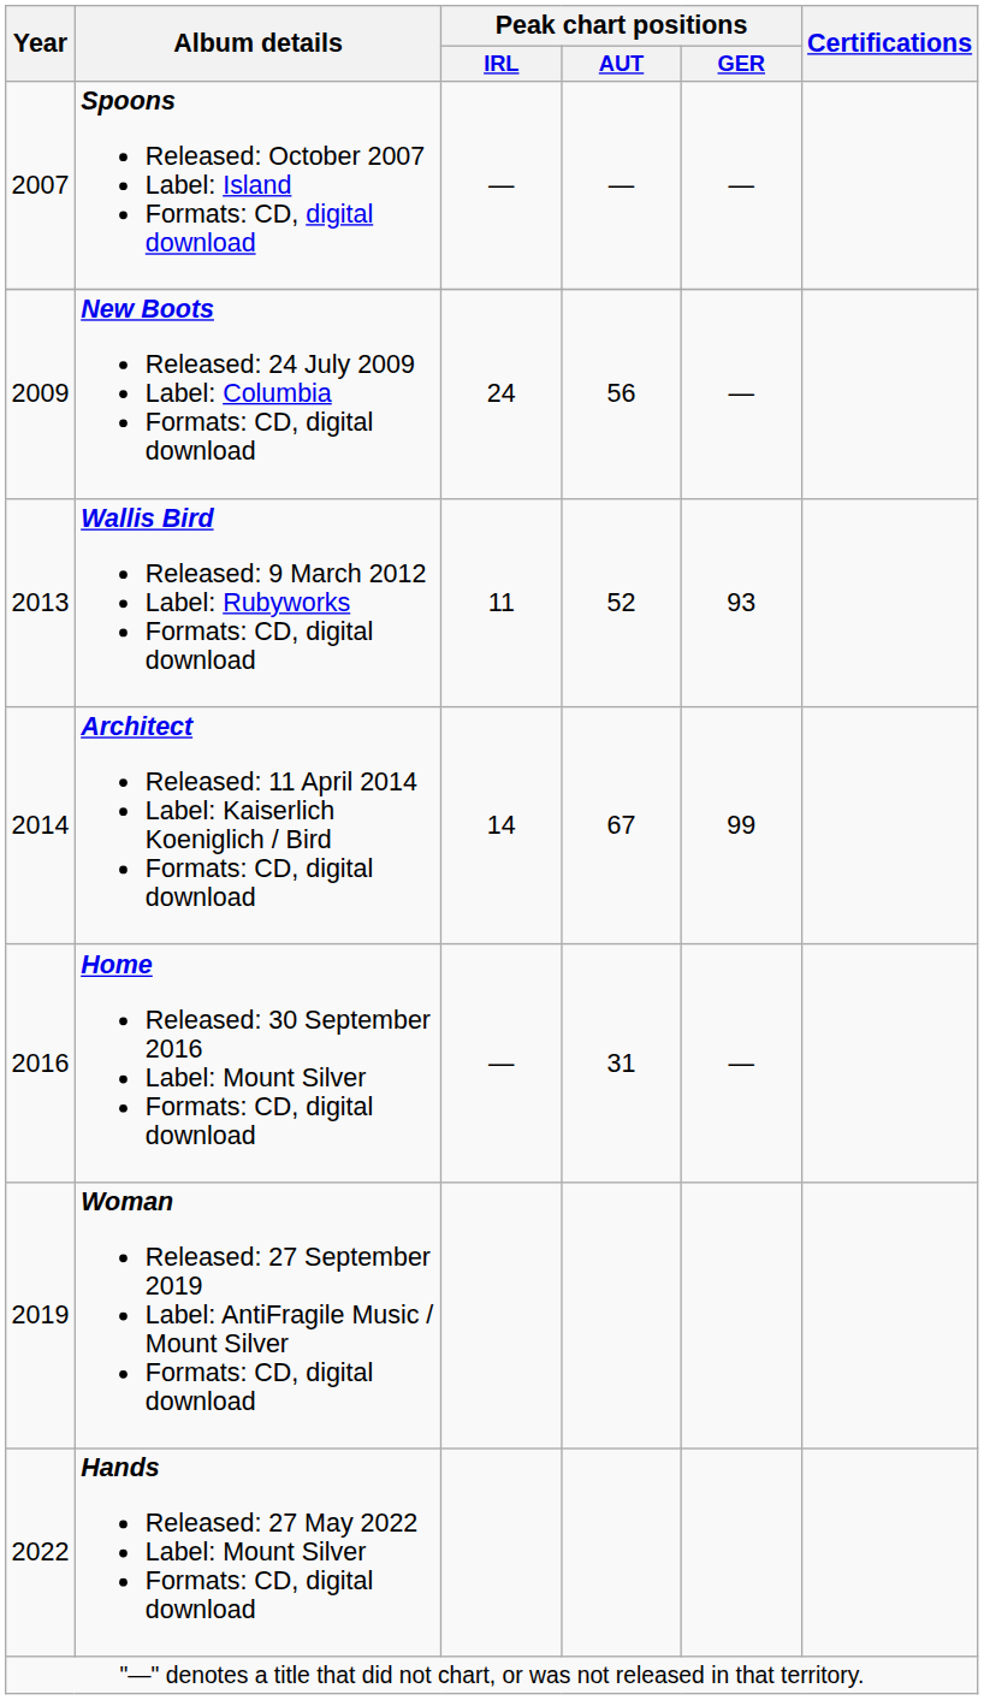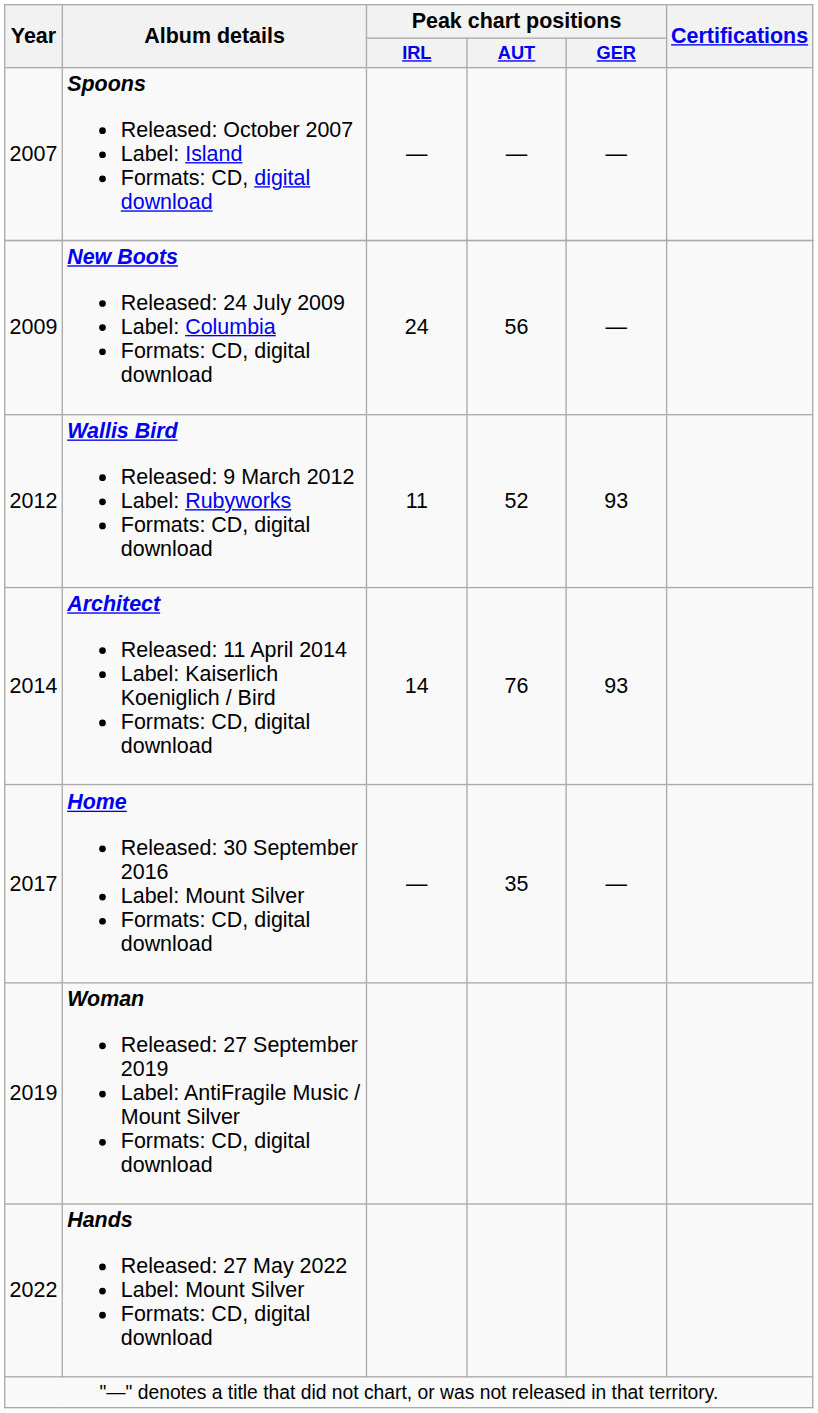 <table class="wikitable" style="text-align:center;">
 <tr>
 <th rowspan="2">Year</th>
 <th style="width:220px;" rowspan="2">Album details</th>
 <th colspan="3">Peak chart positions</th>
 <th rowspan="2"><a href='#'>Certifications</a></th>
 </tr>
 <tr>
 <th style="width:5em;font-size:85%"><a href='#'>IRL</a><br></th>
 <th style="width:5em;font-size:85%"><a href='#'>AUT</a><br></th>
 <th style="width:5em;font-size:85%"><a href='#'>GER</a><br></th>
 </tr>
 <tr>
 <td>2007</td>
 <td style="text-align:left;"><strong><em>Spoons</em></strong><br><ul><li>Released: October 2007</li><li>Label: <a href='#'>Island</a></li><li>Formats: CD, <a href='#'>digital download</a></li></ul></td>
 <td>—</td>
 <td>—</td>
 <td>—</td>
 <td style="text-align:left;"></td>
 </tr>
 <tr>
 </tr>
 <tr>
 <td>2009</td>
 <td style="text-align:left;"><strong><em><a href='#'>New Boots</a></em></strong><br><ul><li>Released: 24 July 2009</li><li>Label: <a href='#'>Columbia</a> </li><li>Formats: CD, digital download</li></ul></td>
 <td>24</td>
 <td>56</td>
 <td>—</td>
 <td style="text-align:left;"></td>
 </tr>
 <tr>
-<td>2013</td>
+<td>2012</td>
 <td style="text-align:left;"><strong><em><a href='#'>Wallis Bird</a></em></strong><br><ul><li>Released: 9 March 2012</li><li>Label: <a href='#'>Rubyworks</a> </li><li>Formats: CD, digital download</li></ul></td>
 <td>11</td>
 <td>52</td>
 <td>93</td>
 <td style="text-align:left;"></td>
 </tr>
 <tr>
 <td>2014</td>
 <td style="text-align:left;"><strong><em><a href='#'>Architect</a></em></strong><br><ul><li>Released: 11 April 2014</li><li>Label: Kaiserlich Koeniglich / Bird</li><li>Formats: CD, digital download</li></ul></td>
 <td>14</td>
-<td>67</td>
-<td>99</td>
+<td>76</td>
+<td>93</td>
 <td style="text-align:left;"></td>
 </tr>
 <tr>
-<td>2016</td>
+<td>2017</td>
 <td style="text-align:left;"><strong><em><a href='#'>Home</a></em></strong><br><ul><li>Released: 30 September 2016</li><li>Label: Mount Silver</li><li>Formats: CD, digital download</li></ul></td>
 <td>—</td>
-<td>31</td>
+<td>35</td>
 <td>—</td>
 <td style="text-align:left;"></td>
 </tr>
 <tr>
 <td>2019</td>
 <td style="text-align:left;"><strong><em>Woman</em></strong>  <br><ul><li>Released: 27 September 2019</li><li>Label: AntiFragile Music / Mount Silver</li><li>Formats: CD, digital download</li></ul></td>
 <td></td>
 <td></td>
 <td></td>
 <td style="text-align:left;"></td>
 </tr>
 <tr>
 <td>2022</td>
 <td style="text-align:left;"><strong><em>Hands</em></strong>  <br><ul><li>Released: 27 May 2022</li><li>Label: Mount Silver</li><li>Formats: CD, digital download</li></ul></td>
 <td></td>
 <td></td>
 <td></td>
 <td style="text-align:left;"></td>
 </tr>
 <tr>
 <td colspan="6" style="font-size:90%">"—" denotes a title that did not chart, or was not released in that territory.</td>
 </tr>
 </table>
